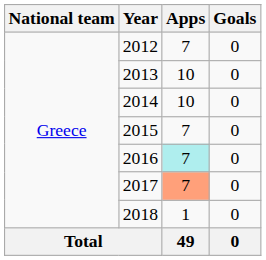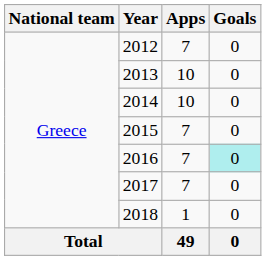 <table class="wikitable" style="text-align:center">
 <tr>
 <th>National team</th>
 <th>Year</th>
 <th>Apps</th>
 <th>Goals</th>
 </tr>
 <tr>
 <td rowspan="7"><a href='#'>Greece</a></td>
 <td>2012</td>
 <td>7</td>
 <td>0</td>
 </tr>
 <tr>
 <td>2013</td>
 <td>10</td>
 <td>0</td>
 </tr>
 <tr>
 <td>2014</td>
 <td>10</td>
 <td>0</td>
 </tr>
 <tr>
 <td>2015</td>
 <td>7</td>
 <td>0</td>
 </tr>
 <tr>
 <td>2016</td>
-<td style="background: paleturquoise;">7</td>
-<td>0</td>
+<td>7</td>
+<td style="background: paleturquoise;">0</td>
 </tr>
 <tr>
 <td>2017</td>
-<td style="background: lightsalmon;">7</td>
+<td>7</td>
 <td>0</td>
 </tr>
 <tr>
 <td>2018</td>
 <td>1</td>
 <td>0</td>
 </tr>
 <tr>
 <th colspan="2">Total</th>
 <th>49</th>
 <th>0</th>
 </tr>
 </table>
